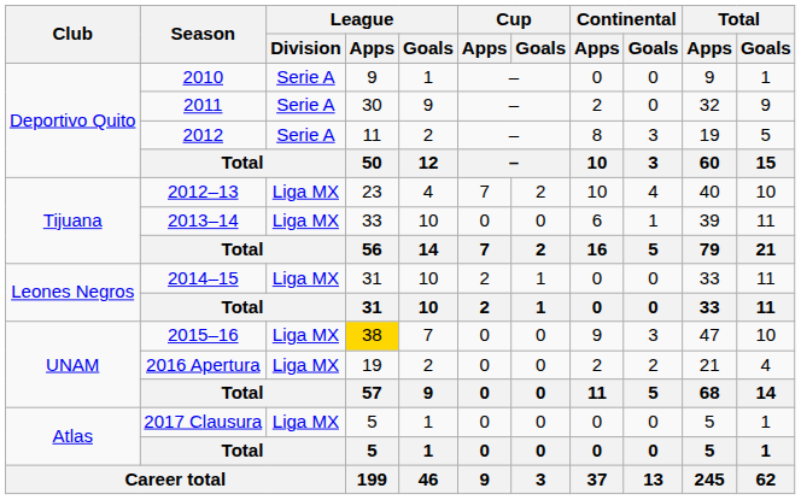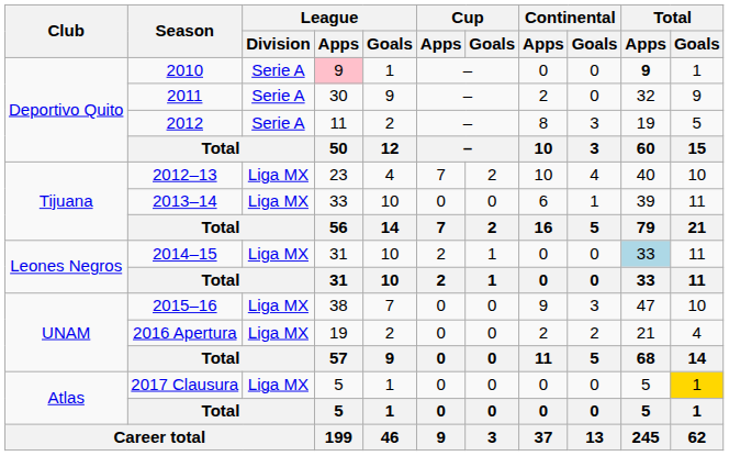 <table class="wikitable" style="text-align: center;">
 <tr>
 <th rowspan="2">Club</th>
 <th rowspan="2">Season</th>
 <th colspan="3">League</th>
 <th colspan="2">Cup</th>
 <th colspan="2">Continental</th>
 <th colspan="2">Total</th>
 </tr>
 <tr>
 <th>Division</th>
 <th>Apps</th>
 <th>Goals</th>
 <th>Apps</th>
 <th>Goals</th>
 <th>Apps</th>
 <th>Goals</th>
 <th>Apps</th>
 <th>Goals</th>
 </tr>
 <tr>
 <td rowspan="4"><a href='#'>Deportivo Quito</a></td>
 <td><a href='#'>2010</a></td>
 <td><a href='#'>Serie A</a></td>
-<td>9</td>
+<td style="background: pink;">9</td>
 <td>1</td>
 <td colspan="2">–</td>
 <td>0</td>
 <td>0</td>
-<td>9</td>
+<td><strong>9</strong></td>
 <td>1</td>
 </tr>
 <tr>
 <td><a href='#'>2011</a></td>
 <td><a href='#'>Serie A</a></td>
 <td>30</td>
 <td>9</td>
 <td colspan="2">–</td>
 <td>2</td>
 <td>0</td>
 <td>32</td>
 <td>9</td>
 </tr>
 <tr>
 <td><a href='#'>2012</a></td>
 <td><a href='#'>Serie A</a></td>
 <td>11</td>
 <td>2</td>
 <td colspan="2">–</td>
 <td>8</td>
 <td>3</td>
 <td>19</td>
 <td>5</td>
 </tr>
 <tr>
 <th colspan="2">Total</th>
 <th>50</th>
 <th>12</th>
 <th colspan="2">–</th>
 <th>10</th>
 <th>3</th>
 <th>60</th>
 <th>15</th>
 </tr>
 <tr>
 <td rowspan="3"><a href='#'>Tijuana</a></td>
 <td><a href='#'>2012–13</a></td>
 <td><a href='#'>Liga MX</a></td>
 <td>23</td>
 <td>4</td>
 <td>7</td>
 <td>2</td>
 <td>10</td>
 <td>4</td>
 <td>40</td>
 <td>10</td>
 </tr>
 <tr>
 <td><a href='#'>2013–14</a></td>
 <td><a href='#'>Liga MX</a></td>
 <td>33</td>
 <td>10</td>
 <td>0</td>
 <td>0</td>
 <td>6</td>
 <td>1</td>
 <td>39</td>
 <td>11</td>
 </tr>
 <tr>
 <th colspan="2">Total</th>
 <th>56</th>
 <th>14</th>
 <th>7</th>
 <th>2</th>
 <th>16</th>
 <th>5</th>
 <th>79</th>
 <th>21</th>
 </tr>
 <tr>
 <td rowspan="2"><a href='#'>Leones Negros</a></td>
 <td><a href='#'>2014–15</a></td>
 <td><a href='#'>Liga MX</a></td>
 <td>31</td>
 <td>10</td>
 <td>2</td>
 <td>1</td>
 <td>0</td>
 <td>0</td>
-<td>33</td>
+<td style="background: lightblue;">33</td>
 <td>11</td>
 </tr>
 <tr>
 <th colspan="2">Total</th>
 <th>31</th>
 <th>10</th>
 <th>2</th>
 <th>1</th>
 <th>0</th>
 <th>0</th>
 <th>33</th>
 <th>11</th>
 </tr>
 <tr>
 <td rowspan="3"><a href='#'>UNAM</a></td>
 <td><a href='#'>2015–16</a></td>
 <td><a href='#'>Liga MX</a></td>
-<td style="background: gold;">38</td>
+<td>38</td>
 <td>7</td>
 <td>0</td>
 <td>0</td>
 <td>9</td>
 <td>3</td>
 <td>47</td>
 <td>10</td>
 </tr>
 <tr>
 <td><a href='#'>2016 Apertura</a></td>
 <td><a href='#'>Liga MX</a></td>
 <td>19</td>
 <td>2</td>
 <td>0</td>
 <td>0</td>
 <td>2</td>
 <td>2</td>
 <td>21</td>
 <td>4</td>
 </tr>
 <tr>
 <th colspan="2">Total</th>
 <th>57</th>
 <th>9</th>
 <th>0</th>
 <th>0</th>
 <th>11</th>
 <th>5</th>
 <th>68</th>
 <th>14</th>
 </tr>
 <tr>
 <td rowspan="2"><a href='#'>Atlas</a></td>
 <td><a href='#'>2017 Clausura</a></td>
 <td><a href='#'>Liga MX</a></td>
 <td>5</td>
 <td>1</td>
 <td>0</td>
 <td>0</td>
 <td>0</td>
 <td>0</td>
 <td>5</td>
-<td>1</td>
+<td style="background: gold;">1</td>
 </tr>
 <tr>
 <th colspan="2">Total</th>
 <th>5</th>
 <th>1</th>
 <th>0</th>
 <th>0</th>
 <th>0</th>
 <th>0</th>
 <th>5</th>
 <th>1</th>
 </tr>
 <tr>
 <th colspan="3">Career total</th>
 <th>199</th>
 <th>46</th>
 <th>9</th>
 <th>3</th>
 <th>37</th>
 <th>13</th>
 <th>245</th>
 <th>62</th>
 </tr>
 </table>
